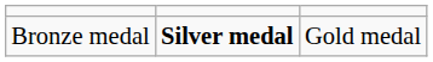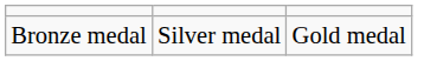 <table class="wikitable" style="text-align: center;">
 <tr>
 <td></td>
 <td></td>
 <td></td>
 </tr>
 <tr>
 <td>Bronze medal</td>
-<td><strong>Silver medal</strong></td>
+<td>Silver medal</td>
 <td>Gold medal</td>
 </tr>
 </table>
